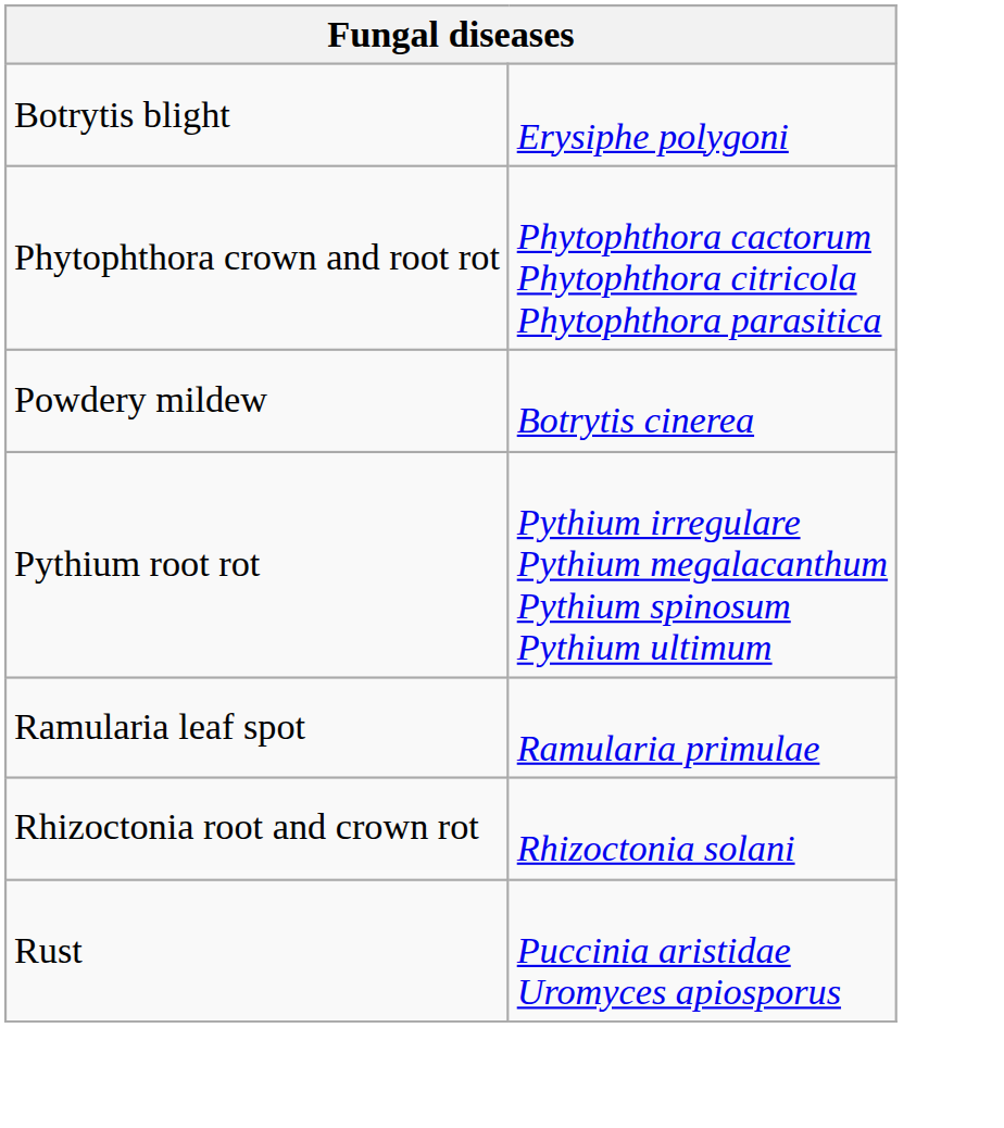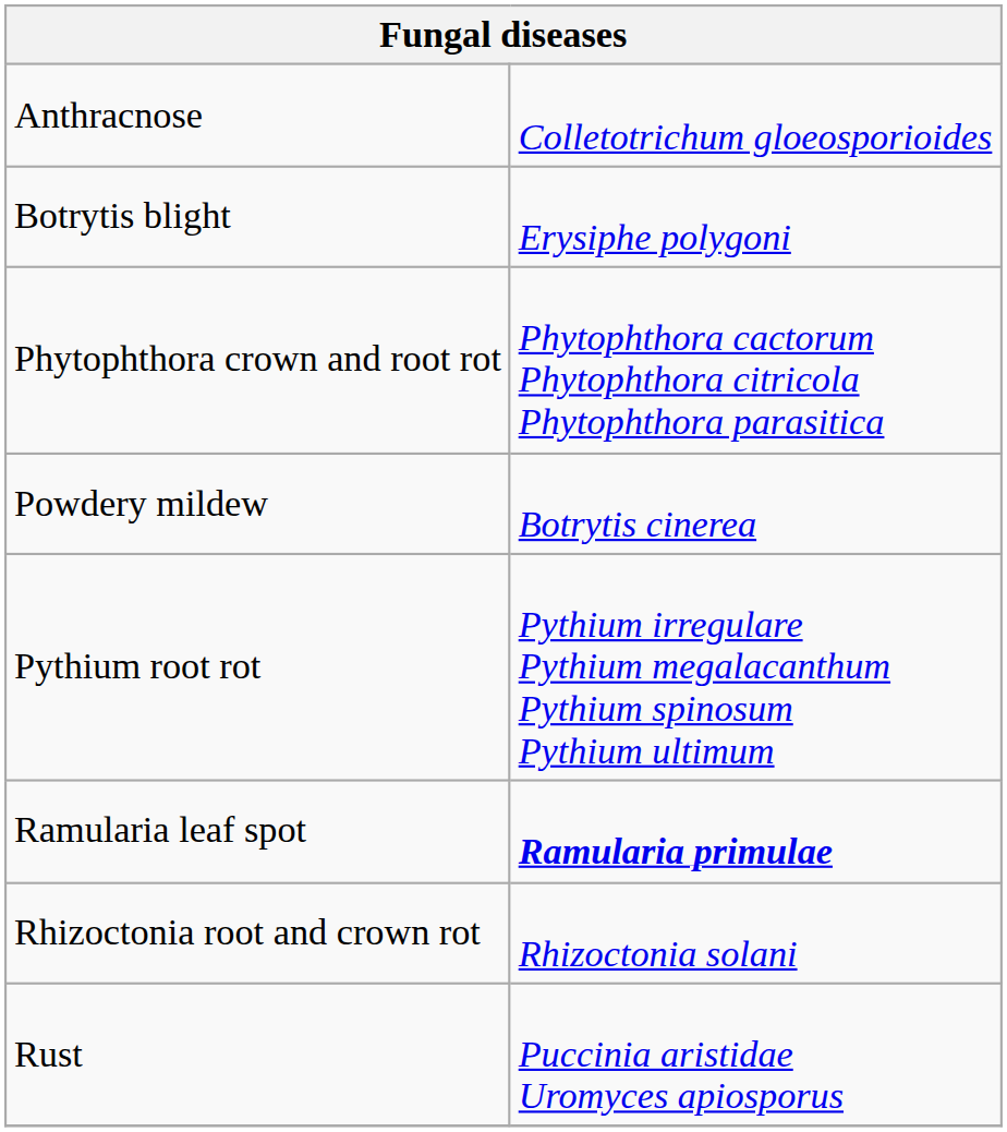 <table class="wikitable" style="clear">
 <tr>
 <th colspan=2><strong>Fungal diseases</strong><br></th>
+</tr>
+<tr>
+<td>Anthracnose</td>
+<td><br><em><a href='#'>Colletotrichum gloeosporioides</a></em></td>
 </tr>
 <tr>
 <td>Botrytis blight</td>
 <td><br><em><a href='#'>Erysiphe polygoni</a></em></td>
 </tr>
 <tr>
 <td>Phytophthora crown and root rot</td>
 <td><br><em><a href='#'>Phytophthora cactorum</a></em><br> <em><a href='#'>Phytophthora citricola</a></em><br> <em><a href='#'>Phytophthora parasitica</a></em></td>
 </tr>
 <tr>
 <td>Powdery mildew</td>
 <td><br><em><a href='#'>Botrytis cinerea</a></em></td>
 </tr>
 <tr>
 <td>Pythium root rot</td>
 <td><br><em><a href='#'>Pythium irregulare</a></em><br> <em><a href='#'>Pythium megalacanthum</a></em><br> <em><a href='#'>Pythium spinosum</a></em><br> <em><a href='#'>Pythium ultimum</a></em></td>
 </tr>
 <tr>
 <td>Ramularia leaf spot</td>
-<td><br><em><a href='#'>Ramularia primulae</a></em></td>
+<td><strong><br><em><a href='#'>Ramularia primulae</a></em></strong></td>
 </tr>
 <tr>
 <td>Rhizoctonia root and crown rot</td>
 <td><br><em><a href='#'>Rhizoctonia solani</a></em></td>
 </tr>
 <tr>
 <td>Rust</td>
 <td><br><em><a href='#'>Puccinia aristidae</a></em><br> <em><a href='#'>Uromyces apiosporus</a></em></td>
 </tr>
 <tr>
 </tr>
 </table>
